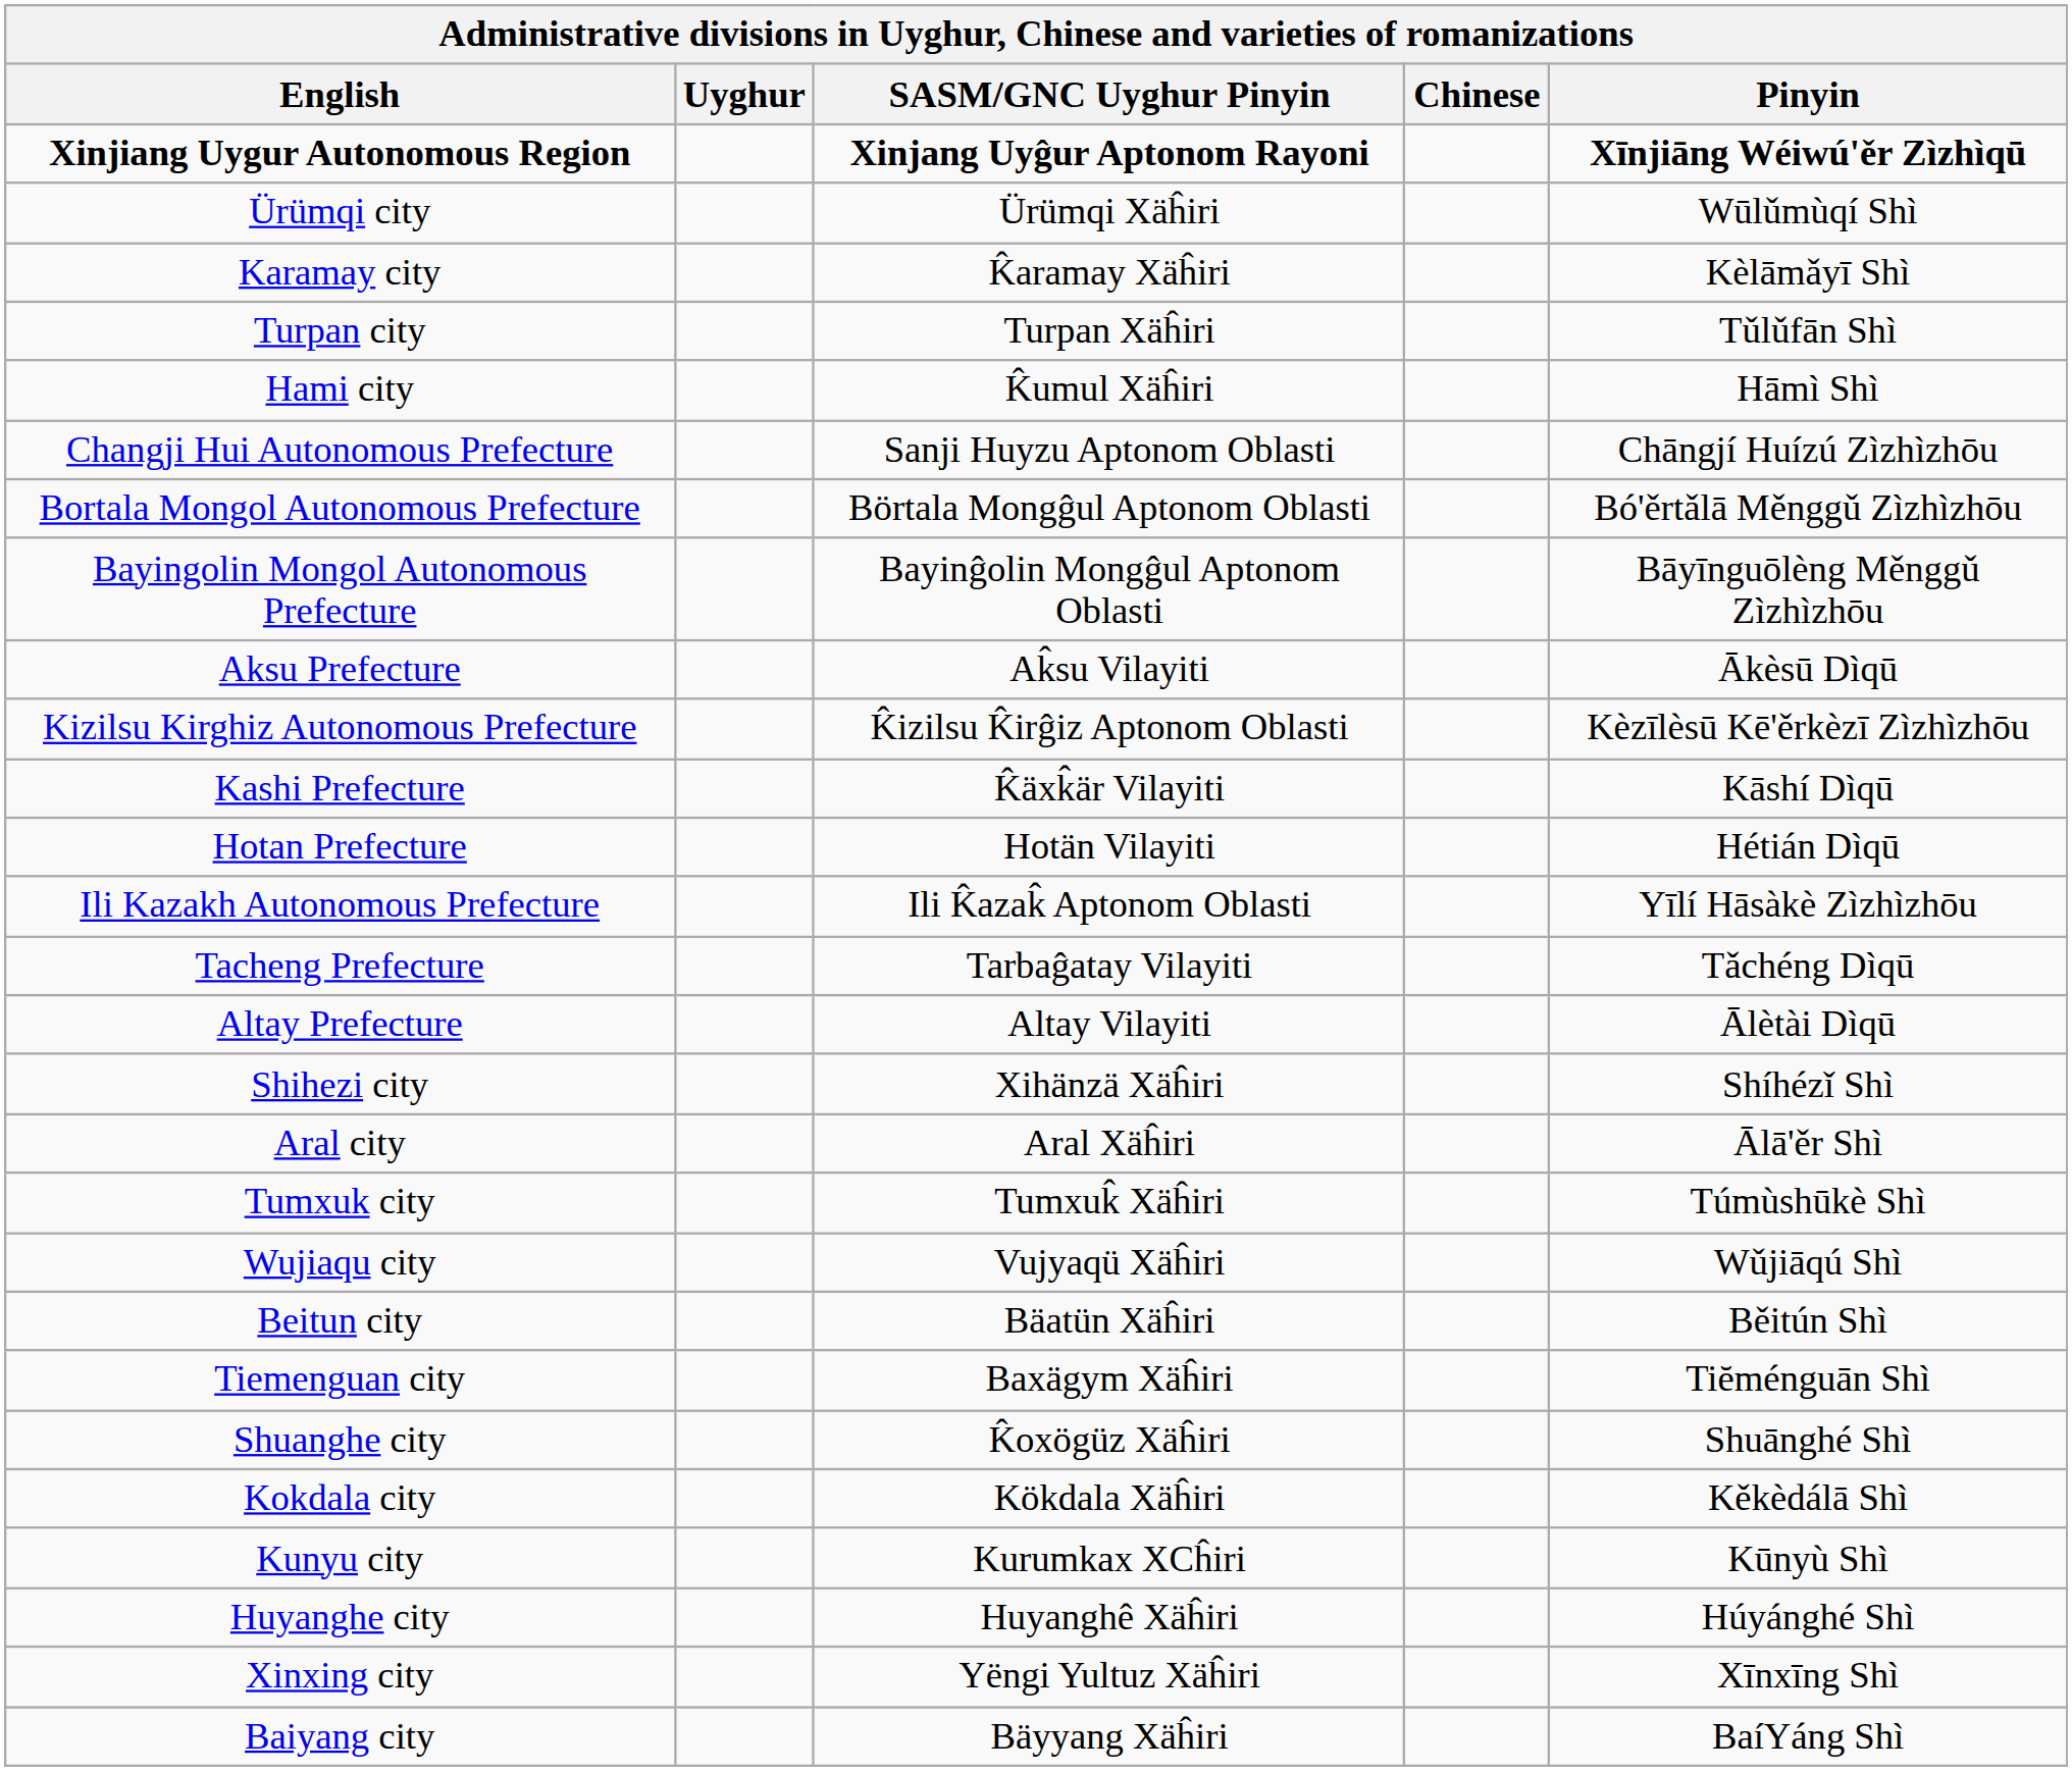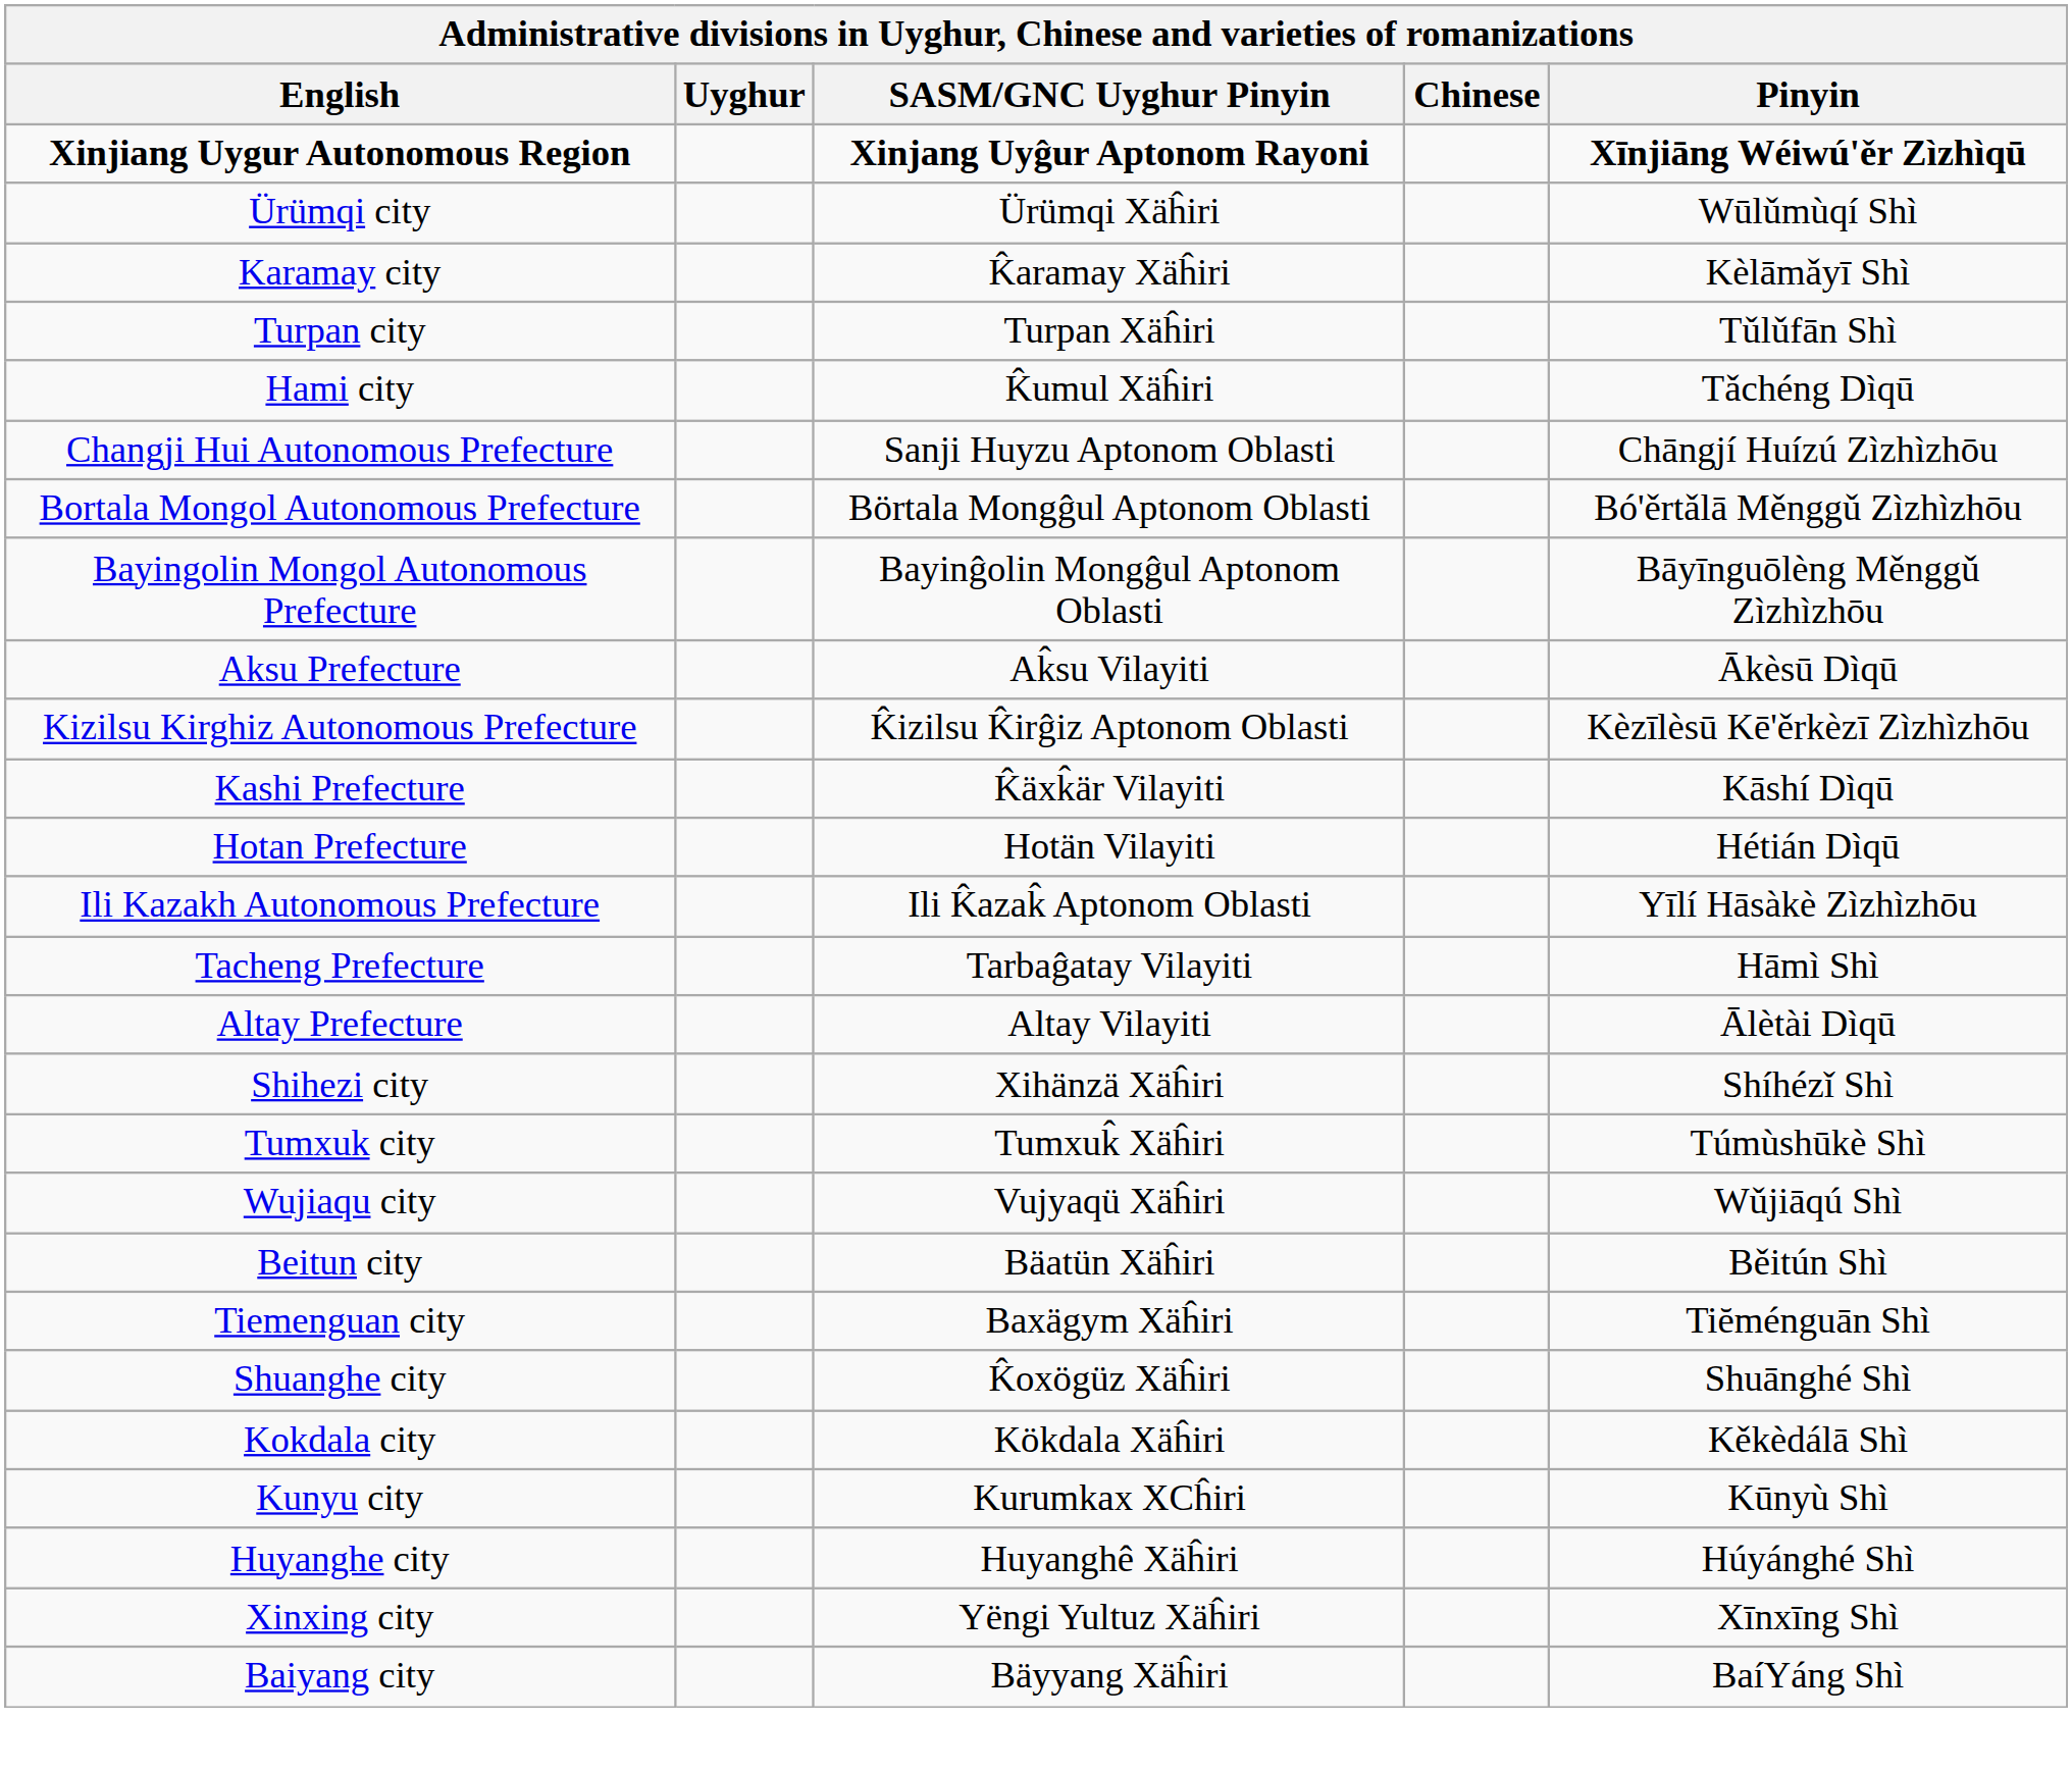 <table class="wikitable sortable collapsible collapsed" style="text-font:90%; width:auto; text-align:center; margin-left: auto; margin-right: auto;">
 <tr>
 <th colspan="5">Administrative divisions in Uyghur, Chinese and varieties of romanizations</th>
 </tr>
 <tr>
 <th>English</th>
 <th>Uyghur</th>
 <th>SASM/GNC Uyghur Pinyin</th>
 <th>Chinese</th>
 <th>Pinyin</th>
 </tr>
 <tr>
 <td><strong>Xinjiang Uygur Autonomous Region</strong></td>
 <td></td>
 <td><strong>Xinjang Uyĝur Aptonom Rayoni</strong></td>
 <td></td>
 <td><strong>Xīnjiāng Wéiwú'ěr Zìzhìqū</strong></td>
 </tr>
 <tr>
 <td><a href='#'>Ürümqi</a> city</td>
 <td></td>
 <td>Ürümqi Xäĥiri</td>
 <td></td>
 <td>Wūlǔmùqí Shì</td>
 </tr>
 <tr>
 <td><a href='#'>Karamay</a> city</td>
 <td></td>
 <td>K̂aramay Xäĥiri</td>
 <td></td>
 <td>Kèlāmǎyī Shì</td>
 </tr>
 <tr>
 <td><a href='#'>Turpan</a> city</td>
 <td></td>
 <td>Turpan Xäĥiri</td>
 <td></td>
 <td>Tǔlǔfān Shì</td>
 </tr>
 <tr>
 <td><a href='#'>Hami</a> city</td>
 <td></td>
 <td>K̂umul Xäĥiri</td>
 <td></td>
-<td>Hāmì Shì</td>
+<td>Tǎchéng Dìqū</td>
 </tr>
 <tr>
 <td><a href='#'>Changji Hui Autonomous Prefecture</a></td>
 <td></td>
 <td>Sanji Huyzu Aptonom Oblasti</td>
 <td></td>
 <td>Chāngjí Huízú Zìzhìzhōu</td>
 </tr>
 <tr>
 <td><a href='#'>Bortala Mongol Autonomous Prefecture</a></td>
 <td></td>
 <td>Börtala Mongĝul Aptonom Oblasti</td>
 <td></td>
 <td>Bó'ěrtǎlā Měnggǔ Zìzhìzhōu</td>
 </tr>
 <tr>
 <td><a href='#'>Bayingolin Mongol Autonomous Prefecture</a></td>
 <td></td>
 <td>Bayinĝolin Mongĝul Aptonom Oblasti</td>
 <td></td>
 <td>Bāyīnguōlèng Měnggǔ Zìzhìzhōu</td>
 </tr>
 <tr>
 <td><a href='#'>Aksu Prefecture</a></td>
 <td></td>
 <td>Ak̂su Vilayiti</td>
 <td></td>
 <td>Ākèsū Dìqū</td>
 </tr>
 <tr>
 <td><a href='#'>Kizilsu Kirghiz Autonomous Prefecture</a></td>
 <td></td>
 <td>K̂izilsu K̂irĝiz Aptonom Oblasti</td>
 <td></td>
 <td>Kèzīlèsū Kē'ěrkèzī Zìzhìzhōu</td>
 </tr>
 <tr>
 <td><a href='#'>Kashi Prefecture</a></td>
 <td></td>
 <td>K̂äxk̂är Vilayiti</td>
 <td></td>
 <td>Kāshí Dìqū</td>
 </tr>
 <tr>
 <td><a href='#'>Hotan Prefecture</a></td>
 <td></td>
 <td>Hotän Vilayiti</td>
 <td></td>
 <td>Hétián Dìqū</td>
 </tr>
 <tr>
 <td><a href='#'>Ili Kazakh Autonomous Prefecture</a></td>
 <td></td>
 <td>Ili K̂azak̂ Aptonom Oblasti</td>
 <td></td>
 <td>Yīlí Hāsàkè Zìzhìzhōu</td>
 </tr>
 <tr>
 <td><a href='#'>Tacheng Prefecture</a></td>
 <td></td>
 <td>Tarbaĝatay Vilayiti</td>
 <td></td>
-<td>Tǎchéng Dìqū</td>
+<td>Hāmì Shì</td>
 </tr>
 <tr>
 <td><a href='#'>Altay Prefecture</a></td>
 <td></td>
 <td>Altay Vilayiti</td>
 <td></td>
 <td>Ālètài Dìqū</td>
 </tr>
 <tr>
 <td><a href='#'>Shihezi</a> city</td>
 <td></td>
 <td>Xihänzä Xäĥiri</td>
 <td></td>
 <td>Shíhézǐ Shì</td>
-</tr>
-<tr>
-<td><a href='#'>Aral</a> city</td>
-<td></td>
-<td>Aral Xäĥiri</td>
-<td></td>
-<td>Ālā'ěr Shì</td>
 </tr>
 <tr>
 <td><a href='#'>Tumxuk</a> city</td>
 <td></td>
 <td>Tumxuk̂ Xäĥiri</td>
 <td></td>
 <td>Túmùshūkè Shì</td>
 </tr>
 <tr>
 <td><a href='#'>Wujiaqu</a> city</td>
 <td></td>
 <td>Vujyaqü Xäĥiri</td>
 <td></td>
 <td>Wǔjiāqú Shì</td>
 </tr>
 <tr>
 <td><a href='#'>Beitun</a> city</td>
 <td></td>
 <td>Bäatün Xäĥiri</td>
 <td></td>
 <td>Běitún Shì</td>
 </tr>
 <tr>
 <td><a href='#'>Tiemenguan</a> city</td>
 <td></td>
 <td>Baxägym Xäĥiri</td>
 <td></td>
 <td>Tiĕménguān Shì</td>
 </tr>
 <tr>
 <td><a href='#'>Shuanghe</a> city</td>
 <td></td>
 <td>K̂oxögüz Xäĥiri</td>
 <td></td>
 <td>Shuānghé Shì</td>
 </tr>
 <tr>
 <td><a href='#'>Kokdala</a> city</td>
 <td></td>
 <td>Kökdala Xäĥiri</td>
 <td></td>
 <td>Kěkèdálā Shì</td>
 </tr>
 <tr>
 <td><a href='#'>Kunyu</a> city</td>
 <td></td>
 <td>Kurumkax XCĥiri</td>
 <td></td>
 <td>Kūnyù Shì</td>
 </tr>
 <tr>
 <td><a href='#'>Huyanghe</a> city</td>
 <td></td>
 <td>Huyanghê Xäĥiri</td>
 <td></td>
 <td>Húyánghé Shì</td>
 </tr>
 <tr>
 <td><a href='#'>Xinxing</a> city</td>
 <td></td>
 <td>Yëngi Yultuz Xäĥiri</td>
 <td></td>
 <td>Xīnxīng Shì</td>
 </tr>
 <tr>
 <td><a href='#'>Baiyang</a> city</td>
 <td></td>
 <td>Bäyyang Xäĥiri</td>
 <td></td>
 <td>BaíYáng Shì</td>
 </tr>
 </table>
